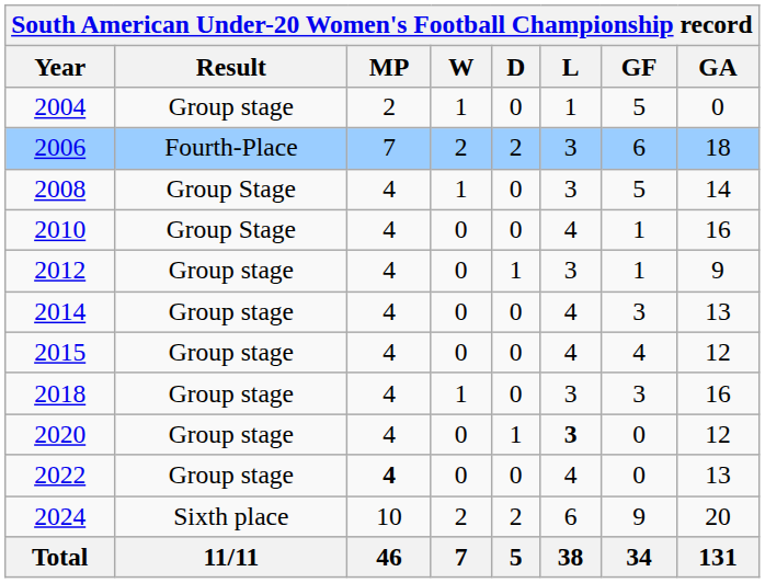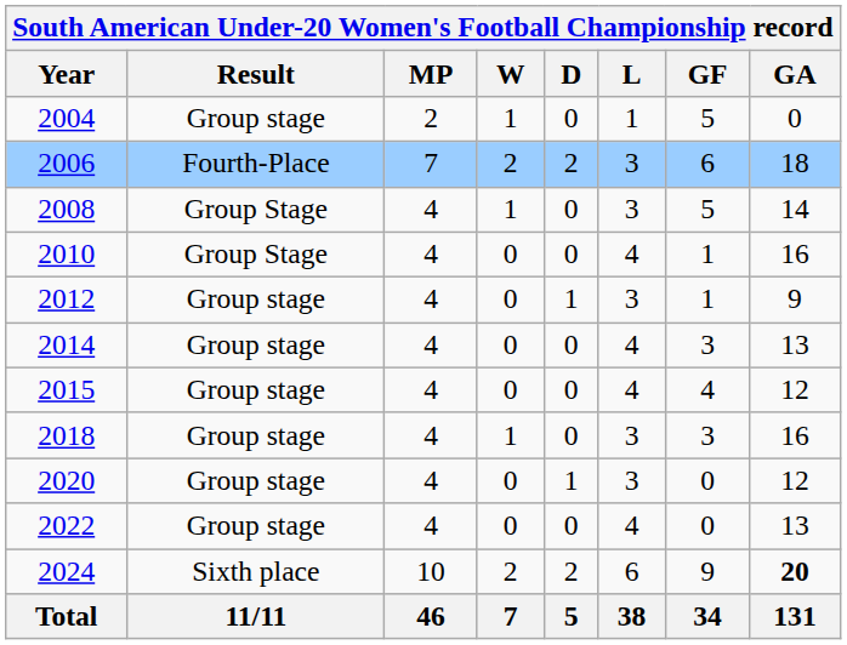 <table class="wikitable" style="text-align: center;">
 <tr>
 <th colspan=20><a href='#'>South American Under-20 Women's Football Championship</a> record</th>
 </tr>
 <tr>
 <th>Year</th>
 <th>Result</th>
 <th>MP</th>
 <th>W</th>
 <th>D</th>
 <th>L</th>
 <th>GF</th>
 <th>GA</th>
 </tr>
 <tr>
 <td> <a href='#'>2004</a></td>
 <td>Group stage</td>
 <td>2</td>
 <td>1</td>
 <td>0</td>
 <td>1</td>
 <td>5</td>
 <td>0</td>
 </tr>
 <tr bgcolor=#9acdff>
 <td> <a href='#'>2006</a></td>
 <td>Fourth-Place</td>
 <td>7</td>
 <td>2</td>
 <td>2</td>
 <td>3</td>
 <td>6</td>
 <td>18</td>
 </tr>
 <tr>
 <td> <a href='#'>2008</a></td>
 <td>Group Stage</td>
 <td>4</td>
 <td>1</td>
 <td>0</td>
 <td>3</td>
 <td>5</td>
 <td>14</td>
 </tr>
 <tr>
 <td> <a href='#'>2010</a></td>
 <td>Group Stage</td>
 <td>4</td>
 <td>0</td>
 <td>0</td>
 <td>4</td>
 <td>1</td>
 <td>16</td>
 </tr>
 <tr>
 <td> <a href='#'>2012</a></td>
 <td>Group stage</td>
 <td>4</td>
 <td>0</td>
 <td>1</td>
 <td>3</td>
 <td>1</td>
 <td>9</td>
 </tr>
 <tr>
 <td> <a href='#'>2014</a></td>
 <td>Group stage</td>
 <td>4</td>
 <td>0</td>
 <td>0</td>
 <td>4</td>
 <td>3</td>
 <td>13</td>
 </tr>
 <tr>
 <td> <a href='#'>2015</a></td>
 <td>Group stage</td>
 <td>4</td>
 <td>0</td>
 <td>0</td>
 <td>4</td>
 <td>4</td>
 <td>12</td>
 </tr>
 <tr>
 <td> <a href='#'>2018</a></td>
 <td>Group stage</td>
 <td>4</td>
 <td>1</td>
 <td>0</td>
 <td>3</td>
 <td>3</td>
 <td>16</td>
 </tr>
 <tr>
 <td> <a href='#'>2020</a></td>
 <td>Group stage</td>
 <td>4</td>
 <td>0</td>
 <td>1</td>
-<td><strong>3</strong></td>
+<td>3</td>
 <td>0</td>
 <td>12</td>
 </tr>
 <tr>
 <td> <a href='#'>2022</a></td>
 <td>Group stage</td>
-<td><strong>4</strong></td>
+<td>4</td>
 <td>0</td>
 <td>0</td>
 <td>4</td>
 <td>0</td>
 <td>13</td>
 </tr>
 <tr>
 <td> <a href='#'>2024</a></td>
 <td>Sixth place</td>
 <td>10</td>
 <td>2</td>
 <td>2</td>
 <td>6</td>
 <td>9</td>
-<td>20</td>
+<td><strong>20</strong></td>
 </tr>
 <tr 6th>
 <th><strong>Total</strong></th>
 <th>11/11</th>
 <th>46</th>
 <th>7</th>
 <th>5</th>
 <th>38</th>
 <th>34</th>
 <th>131</th>
 </tr>
 </table>
